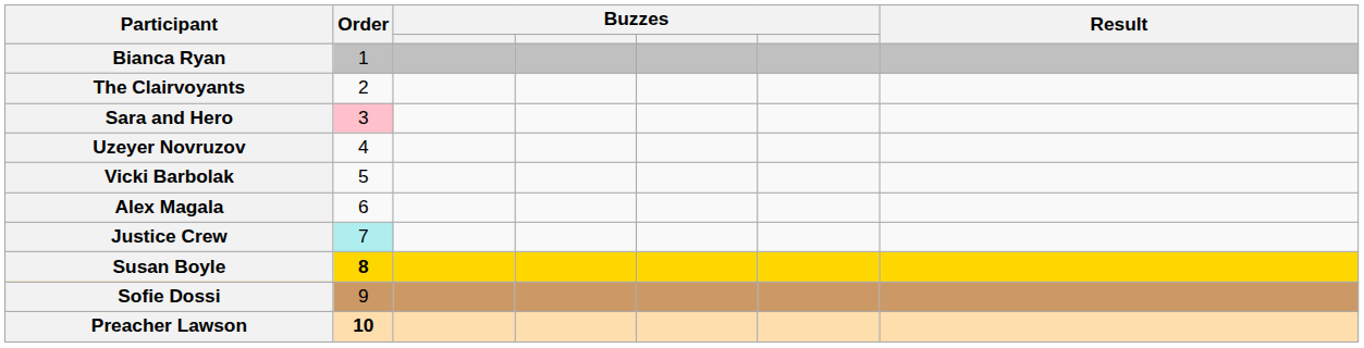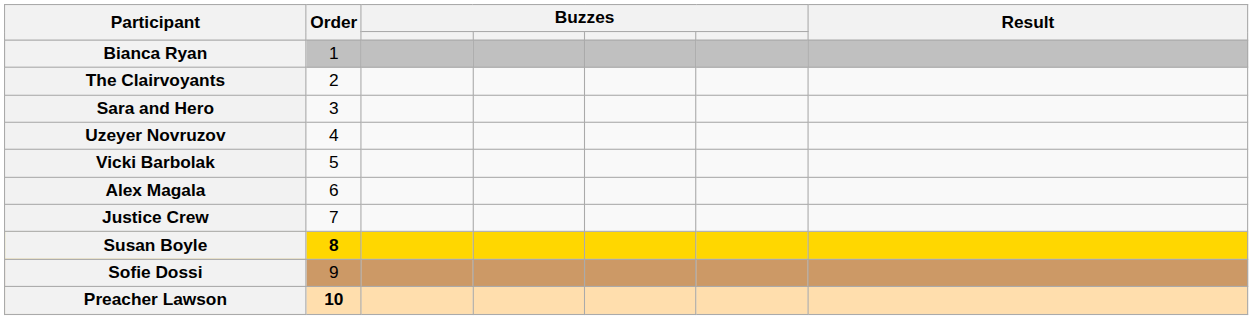 <table class="wikitable plainrowheaders sortable" style="text-align:center;">
 <tr>
 <th scope="col" rowspan="2" class="unsortable" style="width:17em;">Participant</th>
 <th scope="col" rowspan="2" style="width:1em;">Order</th>
 <th scope="col" colspan="4" class="unsortable" style="width:24em;">Buzzes</th>
 <th scope="col" rowspan="2" style="width:25em;">Result</th>
 </tr>
 <tr>
 <th scope="col" class="unsortable" style="width:6em;"></th>
 <th scope="col" class="unsortable" style="width:6em;"></th>
 <th scope="col" class="unsortable" style="width:6em;"></th>
 <th scope="col" class="unsortable" style="width:6em;"></th>
 </tr>
 <tr bgcolor=silver>
 <th scope="row">Bianca Ryan</th>
 <td>1</td>
 <td style="text-align:center;"></td>
 <td style="text-align:center;"></td>
 <td style="text-align:center;"></td>
 <td style="text-align:center;"></td>
 <td></td>
 </tr>
 <tr>
 <th scope="row">The Clairvoyants</th>
 <td>2</td>
 <td style="text-align:center;"></td>
 <td style="text-align:center;"></td>
 <td style="text-align:center;"></td>
 <td style="text-align:center;"></td>
 <td></td>
 </tr>
 <tr>
 <th scope="row">Sara and Hero</th>
-<td style="background: pink;">3</td>
+<td>3</td>
 <td style="text-align:center;"></td>
 <td style="text-align:center;"></td>
 <td style="text-align:center;"></td>
 <td style="text-align:center;"></td>
 <td></td>
 </tr>
 <tr>
 <th scope="row">Uzeyer Novruzov</th>
 <td>4</td>
 <td style="text-align:center;"></td>
 <td style="text-align:center;"></td>
 <td style="text-align:center;"></td>
 <td style="text-align:center;"></td>
 <td></td>
 </tr>
 <tr>
 <th scope="row">Vicki Barbolak</th>
 <td>5</td>
 <td style="text-align:center;"></td>
 <td style="text-align:center;"></td>
 <td style="text-align:center;"></td>
 <td style="text-align:center;"></td>
 <td></td>
 </tr>
 <tr>
 <th scope="row">Alex Magala</th>
 <td>6</td>
 <td style="text-align:center;"></td>
 <td style="text-align:center;"></td>
 <td style="text-align:center;"></td>
 <td style="text-align:center;"></td>
 <td></td>
 </tr>
 <tr>
 <th scope="row">Justice Crew</th>
-<td style="background: paleturquoise;">7</td>
+<td>7</td>
 <td style="text-align:center;"></td>
 <td style="text-align:center;"></td>
 <td style="text-align:center;"></td>
 <td style="text-align:center;"></td>
 <td></td>
 </tr>
 <tr bgcolor=gold>
 <th scope="row"><strong>Susan Boyle</strong></th>
 <td><strong>8</strong></td>
 <td style="text-align:center;"></td>
 <td style="text-align:center;"></td>
 <td style="text-align:center;"></td>
 <td style="text-align:center;"></td>
 <td><strong></strong></td>
 </tr>
 <tr bgcolor=#c96>
 <th scope="row">Sofie Dossi</th>
 <td>9</td>
 <td style="text-align:center;"></td>
 <td style="text-align:center;"></td>
 <td style="text-align:center;"></td>
 <td style="text-align:center;"></td>
 <td></td>
 </tr>
 <tr bgcolor=NavajoWhite>
 <th scope="row"><strong>Preacher Lawson</strong></th>
 <td><strong>10</strong></td>
 <td style="text-align:center;"></td>
 <td style="text-align:center;"></td>
 <td style="text-align:center;"></td>
 <td style="text-align:center;"></td>
 <td><strong></strong></td>
 </tr>
 </table>
